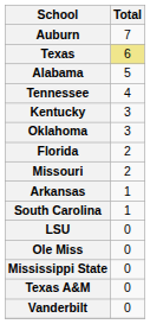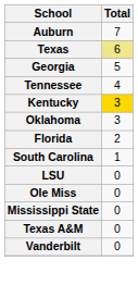 <table class=wikitable style="text-align:center">
 <tr>
 <th>School</th>
 <th>Total</th>
 </tr>
 <tr>
 <th>Auburn</th>
 <td>7</td>
 </tr>
 <tr>
 <th>Texas</th>
 <td style="background: khaki;">6</td>
 </tr>
 <tr>
-<th>Alabama</th>
+<th>Georgia</th>
 <td>5</td>
 </tr>
 <tr>
 <th>Tennessee</th>
 <td>4</td>
 </tr>
 <tr>
 <th>Kentucky</th>
-<td>3</td>
+<td style="background: gold;">3</td>
 </tr>
 <tr>
 <th>Oklahoma</th>
 <td>3</td>
 </tr>
 <tr>
 <th>Florida</th>
 <td>2</td>
-</tr>
-<tr>
-<th>Missouri</th>
-<td>2</td>
-</tr>
-<tr>
-<th>Arkansas</th>
-<td>1</td>
 </tr>
 <tr>
 <th>South Carolina</th>
 <td>1</td>
 </tr>
 <tr>
 <th>LSU</th>
 <td>0</td>
 </tr>
 <tr>
 <th>Ole Miss</th>
 <td>0</td>
 </tr>
 <tr>
 <th>Mississippi State</th>
 <td>0</td>
 </tr>
 <tr>
 <th>Texas A&M</th>
 <td>0</td>
 </tr>
 <tr>
 <th style=>Vanderbilt</th>
 <td>0</td>
 </tr>
 <tr>
 </tr>
 </table>
